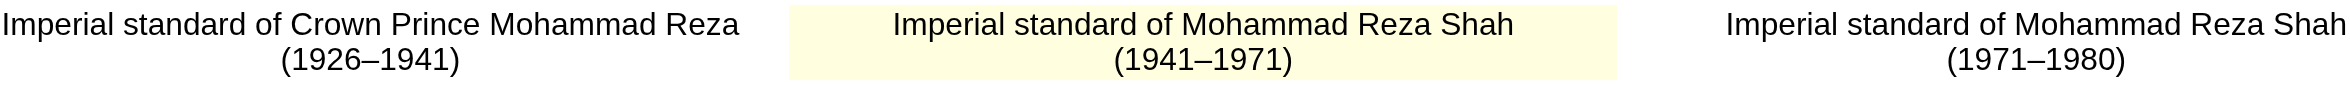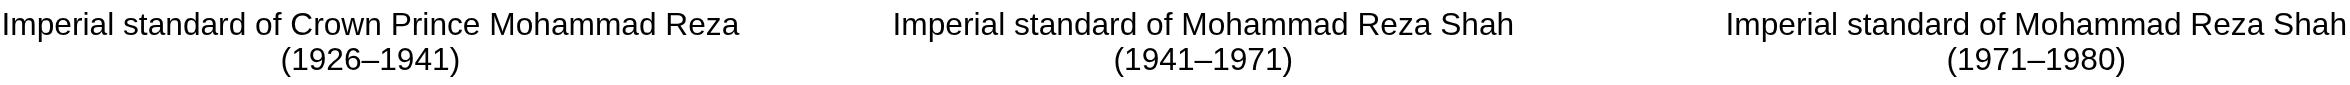 <table border="0" style="margin:auto; width:100%; text-align:center">
 <tr>
 <th width=20%></th>
 <th width=20%></th>
 <th width=20%></th>
 </tr>
 <tr>
 <td>Imperial standard of Crown Prince Mohammad Reza<br>(1926–1941)</td>
-<td style="background: lightyellow;">Imperial standard of Mohammad Reza Shah<br>(1941–1971)</td>
+<td>Imperial standard of Mohammad Reza Shah<br>(1941–1971)</td>
 <td>Imperial standard of Mohammad Reza Shah<br>(1971–1980)</td>
 </tr>
 </table>
